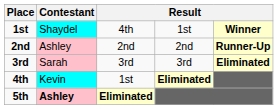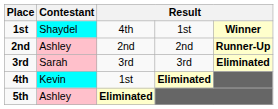 <table class="wikitable">
 <tr>
 <th>Place</th>
 <th>Contestant</th>
 <th colspan="14" align="center">Result</th>
 </tr>
 <tr>
 <td align="center"><strong>1st</strong></td>
 <td bgcolor="cyan">Shaydel</td>
 <td align="center">4th</td>
 <td align="center">1st</td>
 <td bgcolor="FFFFCC" align="center"><strong>Winner</strong></td>
 </tr>
 <tr>
 <td align="center"><strong>2nd</strong></td>
 <td bgcolor="pink">Ashley</td>
 <td align="center">2nd</td>
 <td align="center">2nd</td>
 <td bgcolor="FFFFCC" align="center"><strong>Runner-Up</strong></td>
 </tr>
 <tr>
 <td align="center"><strong>3rd</strong></td>
 <td bgcolor="pink">Sarah</td>
 <td align="center">3rd</td>
 <td align="center">3rd</td>
 <td bgcolor="FFFFCC" align="center"><strong>Eliminated</strong></td>
 </tr>
 <tr>
 <td align="center"><strong>4th</strong></td>
 <td bgcolor="cyan">Kevin</td>
 <td align="center">1st</td>
 <td bgcolor="FFFFCC" align="center"><strong>Eliminated</strong></td>
 <td colspan="1" bgcolor="666666"></td>
 </tr>
 <tr>
 <td align="center"><strong>5th</strong></td>
-<td bgcolor="pink"><strong>Ashley</strong></td>
+<td bgcolor="pink">Ashley</td>
 <td bgcolor="FFFFCC" align="center"><strong>Eliminated</strong></td>
 <td colspan="2" bgcolor="666666"></td>
 </tr>
 </table>
